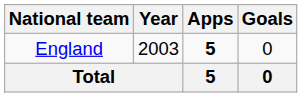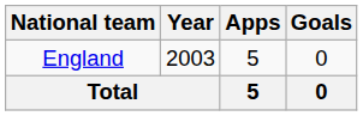 <table class=wikitable style="text-align: center;">
 <tr>
 <th>National team</th>
 <th>Year</th>
 <th>Apps</th>
 <th>Goals</th>
 </tr>
 <tr>
 <td><a href='#'>England</a></td>
 <td>2003</td>
-<td><strong>5</strong></td>
+<td>5</td>
 <td>0</td>
 </tr>
 <tr>
 <th colspan=2>Total</th>
 <th>5</th>
 <th>0</th>
 </tr>
 </table>
